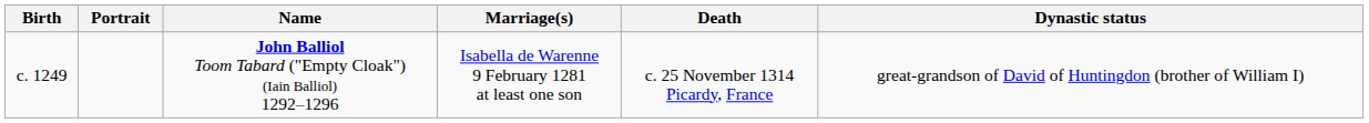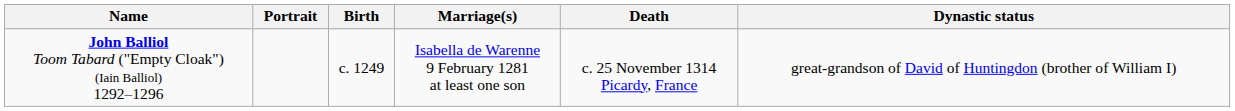 <table style="text-align:center; width:100%" class="wikitable">
 <tr>
+<th>Name</th>
+<th>Portrait</th>
 <th>Birth</th>
-<th>Portrait</th>
-<th>Name</th>
 <th>Marriage(s)</th>
 <th>Death</th>
 <th>Dynastic status</th>
 </tr>
 <tr>
+<td><strong><a href='#'>John Balliol</a></strong><br><em>Toom Tabard</em> ("Empty Cloak")<br><small>(Iain Balliol)</small><br>1292–1296</td>
+<td></td>
 <td>c. 1249</td>
-<td></td>
-<td><strong><a href='#'>John Balliol</a></strong><br><em>Toom Tabard</em> ("Empty Cloak")<br><small>(Iain Balliol)</small><br>1292–1296</td>
 <td><a href='#'>Isabella de Warenne</a><br>9 February 1281<br>at least one son</td>
 <td><br>c. 25 November 1314<br><a href='#'>Picardy</a>, <a href='#'>France</a></td>
 <td>great-grandson of <a href='#'>David</a> of <a href='#'>Huntingdon</a> (brother of William I)</td>
 </tr>
 </table>
